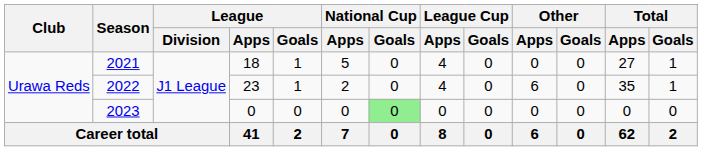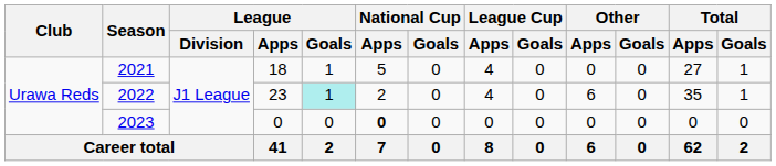 <table class="wikitable" style="text-align: center">
 <tr>
 <th rowspan="2">Club</th>
 <th rowspan="2">Season</th>
 <th colspan="3">League</th>
 <th colspan="2">National Cup</th>
 <th colspan="2">League Cup</th>
 <th colspan="2">Other</th>
 <th colspan="2">Total</th>
 </tr>
 <tr>
 <th>Division</th>
 <th>Apps</th>
 <th>Goals</th>
 <th>Apps</th>
 <th>Goals</th>
 <th>Apps</th>
 <th>Goals</th>
 <th>Apps</th>
 <th>Goals</th>
 <th>Apps</th>
 <th>Goals</th>
 </tr>
 <tr>
 <td rowspan="3"><a href='#'>Urawa Reds</a></td>
 <td><a href='#'>2021</a></td>
 <td rowspan="3"><a href='#'>J1 League</a></td>
 <td>18</td>
 <td>1</td>
 <td>5</td>
 <td>0</td>
 <td>4</td>
 <td>0</td>
 <td>0</td>
 <td>0</td>
 <td>27</td>
 <td>1</td>
 </tr>
 <tr>
 <td><a href='#'>2022</a></td>
 <td>23</td>
-<td>1</td>
+<td style="background: paleturquoise;">1</td>
 <td>2</td>
 <td>0</td>
 <td>4</td>
 <td>0</td>
 <td>6</td>
 <td>0</td>
 <td>35</td>
 <td>1</td>
 </tr>
 <tr>
 <td><a href='#'>2023</a></td>
 <td>0</td>
 <td>0</td>
+<td><strong>0</strong></td>
 <td>0</td>
-<td style="background: lightgreen;">0</td>
 <td>0</td>
 <td>0</td>
 <td>0</td>
 <td>0</td>
 <td>0</td>
 <td>0</td>
 </tr>
 <tr>
 <th colspan=3>Career total</th>
 <th>41</th>
 <th>2</th>
 <th>7</th>
 <th>0</th>
 <th>8</th>
 <th>0</th>
 <th>6</th>
 <th>0</th>
 <th>62</th>
 <th>2</th>
 </tr>
 </table>
